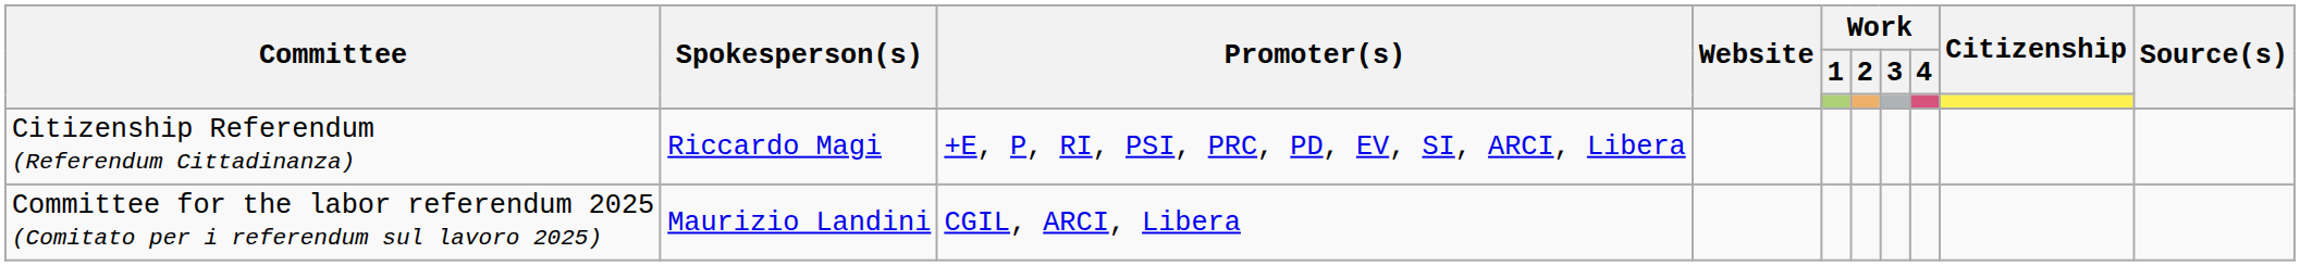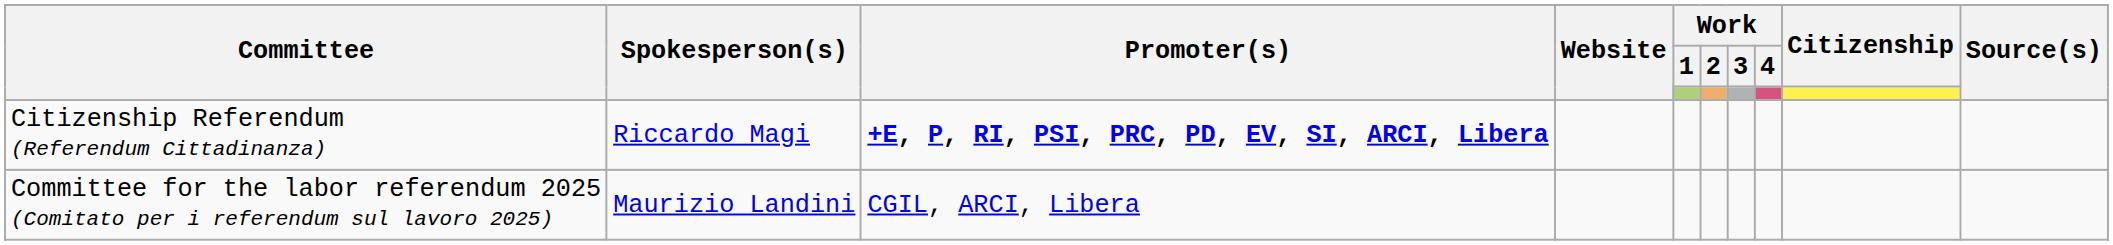 <table class="wikitable sortable">
 <tr>
 <th rowspan="3">Committee</th>
 <th rowspan="3">Spokesperson(s)</th>
 <th rowspan="3">Promoter(s)</th>
 <th rowspan="3">Website</th>
 <th colspan="4">Work</th>
 <th rowspan="2">Citizenship</th>
 <th rowspan="3">Source(s)</th>
 </tr>
 <tr>
 <th>1</th>
 <th>2</th>
 <th>3</th>
 <th>4</th>
 </tr>
 <tr>
 <th style="background:#AED079;"></th>
 <th style="background:#EEB069;"></th>
 <th style="background:#AEB4B6;"></th>
 <th style="background:#D5537D;"></th>
 <th style="background:#FCF151;"></th>
 </tr>
 <tr>
 <td>Citizenship Referendum<br><em><small>(Referendum Cittadinanza)</small></em></td>
 <td><a href='#'>Riccardo Magi</a></td>
-<td><a href='#'>+E</a>, <a href='#'>P</a>, <a href='#'>RI</a>, <a href='#'>PSI</a>, <a href='#'>PRC</a>, <a href='#'>PD</a>, <a href='#'>EV</a>, <a href='#'>SI</a>, <a href='#'>ARCI</a>, <a href='#'>Libera</a></td>
+<td><strong><a href='#'>+E</a>, <a href='#'>P</a>, <a href='#'>RI</a>, <a href='#'>PSI</a>, <a href='#'>PRC</a>, <a href='#'>PD</a>, <a href='#'>EV</a>, <a href='#'>SI</a>, <a href='#'>ARCI</a>, <a href='#'>Libera</a></strong></td>
 <td></td>
 <td></td>
 <td></td>
 <td></td>
 <td></td>
 <td></td>
 <td></td>
 </tr>
 <tr>
 <td>Committee for the labor referendum 2025<br><em><small>(Comitato per i referendum sul lavoro 2025)</small></em></td>
 <td><a href='#'>Maurizio Landini</a></td>
 <td><a href='#'>CGIL</a>, <a href='#'>ARCI</a>, <a href='#'>Libera</a></td>
 <td></td>
 <td></td>
 <td></td>
 <td></td>
 <td></td>
 <td></td>
 <td></td>
 </tr>
 </table>
